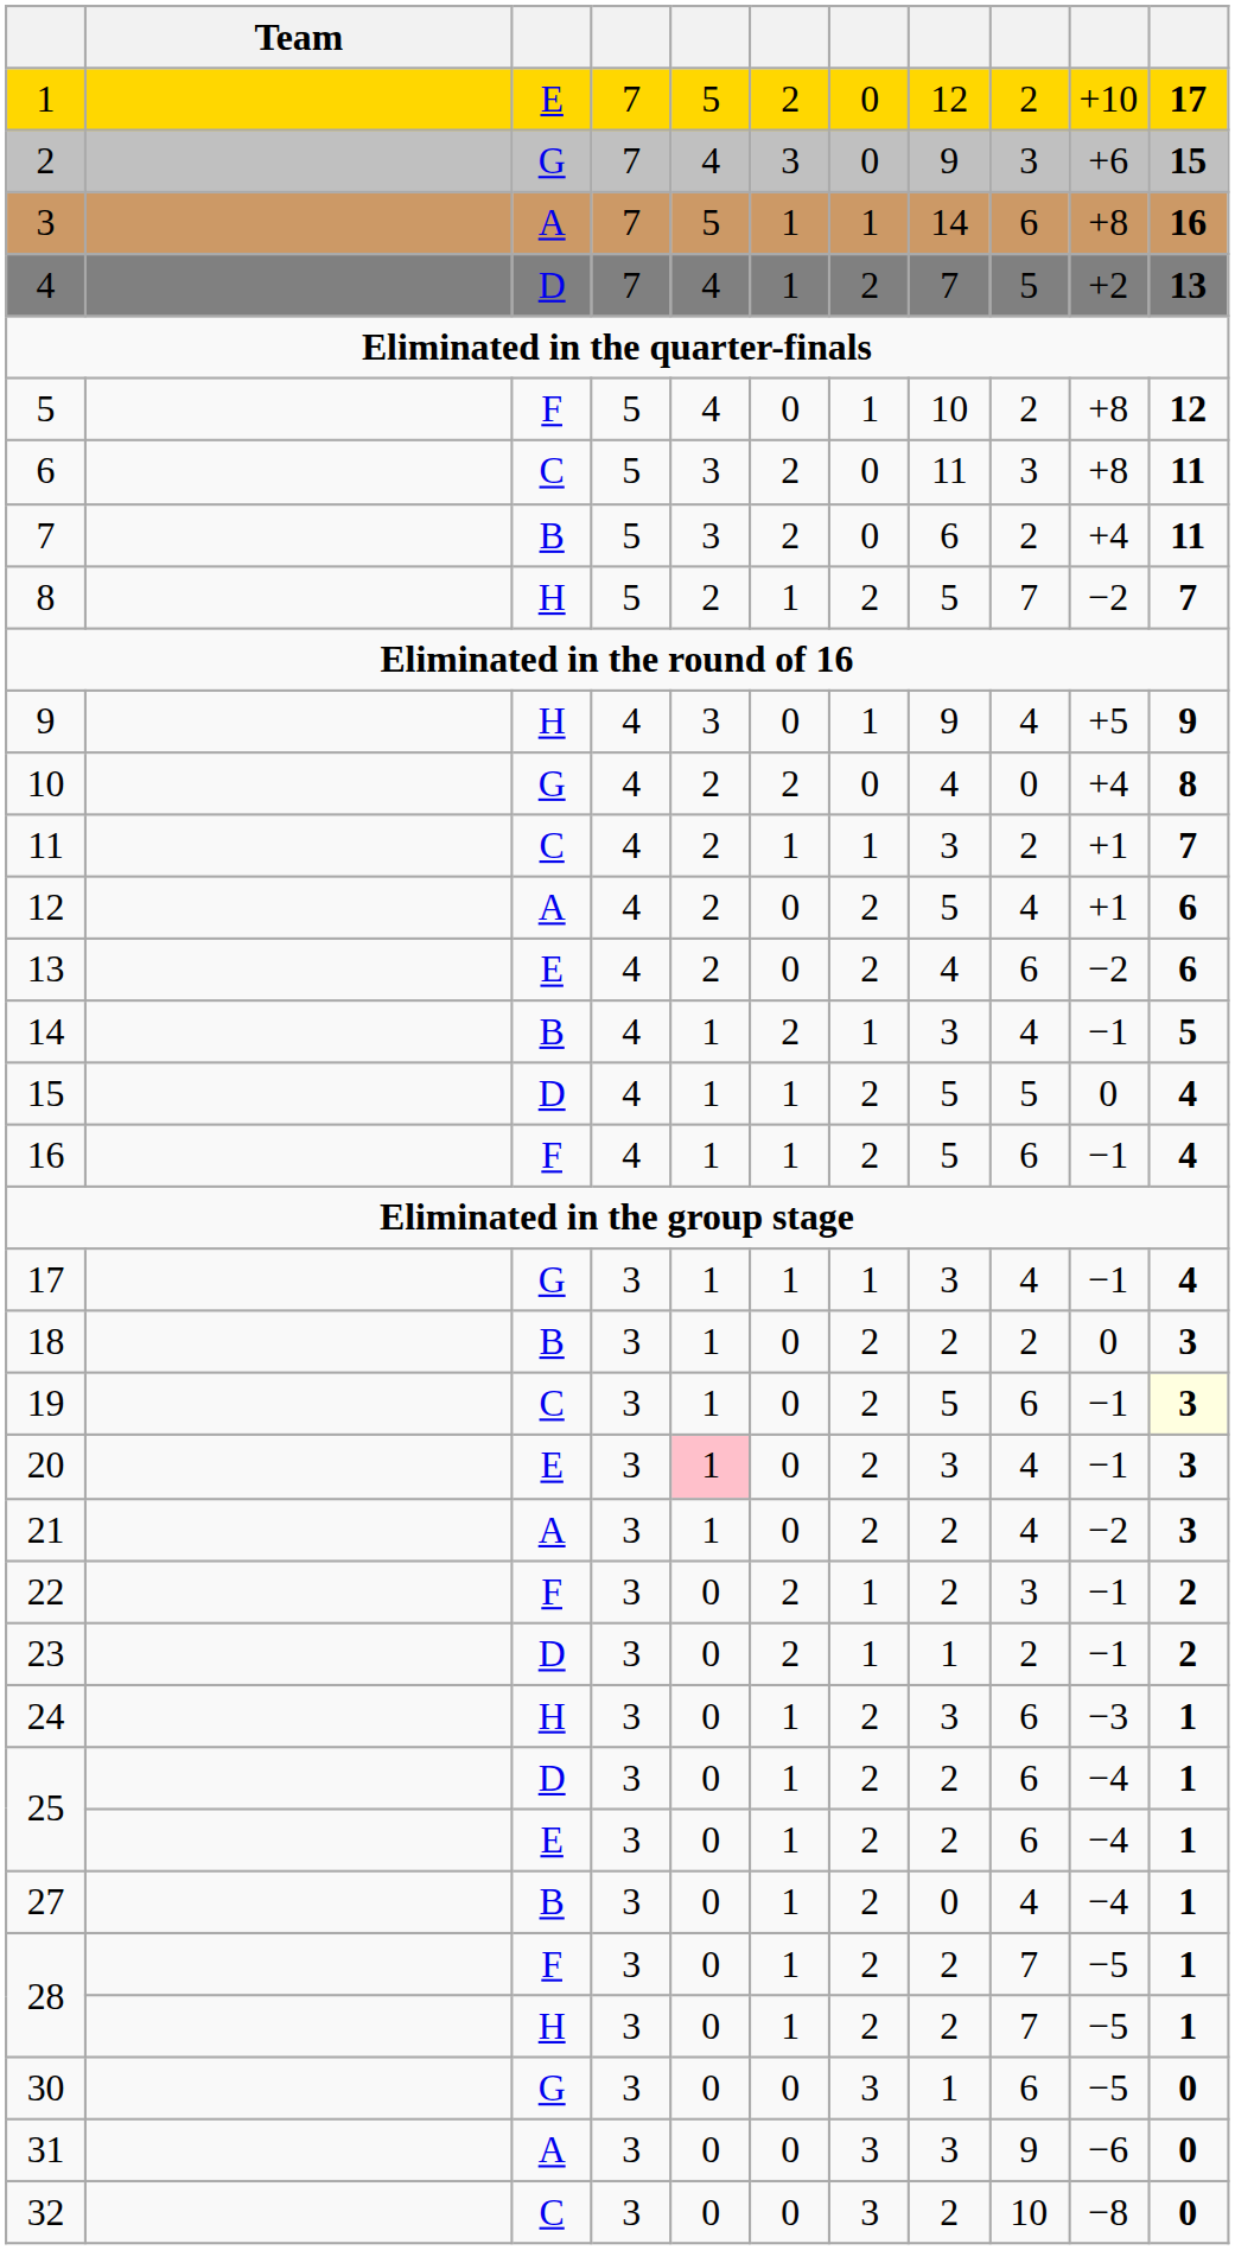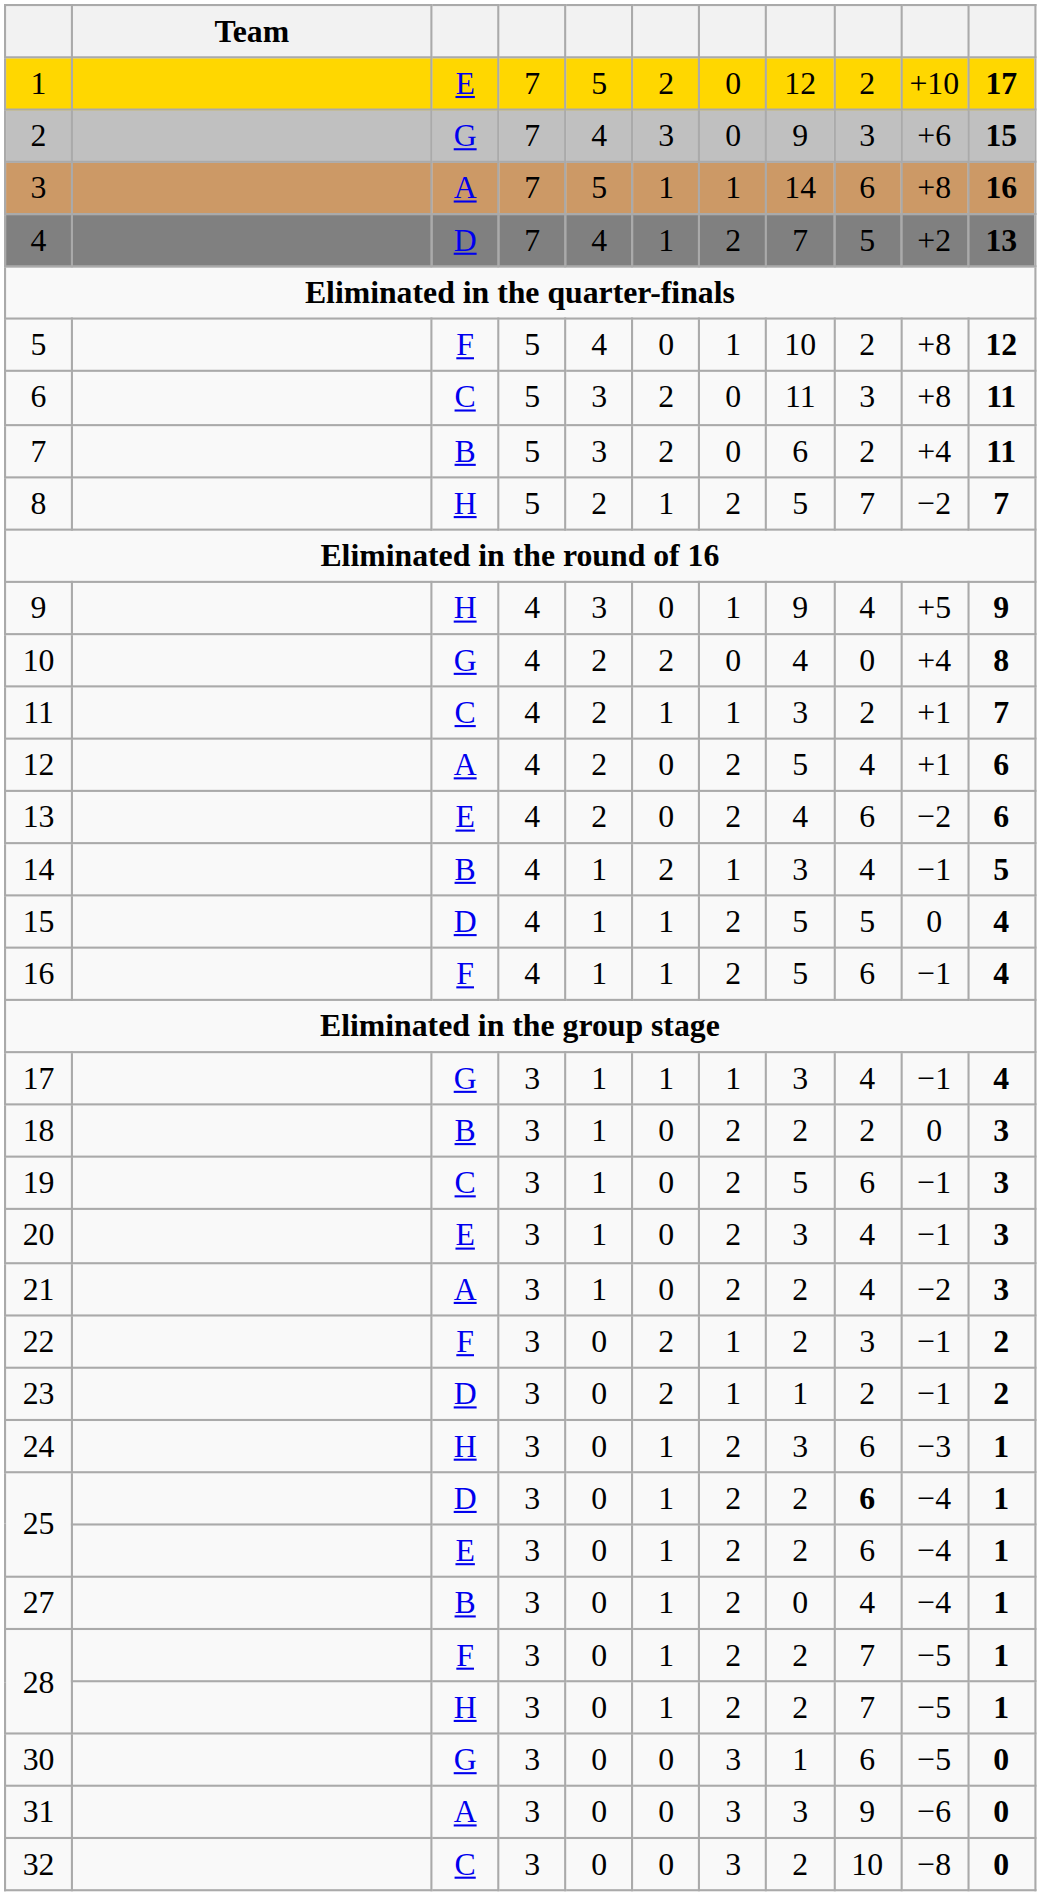 <table class="wikitable" style="font-size: 95%; text-align: center;">
 <tr>
 <th width=25></th>
 <th width=165>Team</th>
 <th width=25></th>
 <th width=25></th>
 <th width=25></th>
 <th width=25></th>
 <th width=25></th>
 <th width=25></th>
 <th width=25></th>
 <th width=25></th>
 <th width=25></th>
 </tr>
 <tr style="background:gold;">
 <td>1</td>
 <td style="text-align:left;"></td>
 <td><a href='#'>E</a></td>
 <td>7</td>
 <td>5</td>
 <td>2</td>
 <td>0</td>
 <td>12</td>
 <td>2</td>
 <td>+10</td>
 <td><strong>17</strong></td>
 </tr>
 <tr style="background:silver;">
 <td>2</td>
 <td style="text-align:left;"></td>
 <td><a href='#'>G</a></td>
 <td>7</td>
 <td>4</td>
 <td>3</td>
 <td>0</td>
 <td>9</td>
 <td>3</td>
 <td>+6</td>
 <td><strong>15</strong></td>
 </tr>
 <tr style="background:#c96;">
 <td>3</td>
 <td style="text-align:left;"></td>
 <td><a href='#'>A</a></td>
 <td>7</td>
 <td>5</td>
 <td>1</td>
 <td>1</td>
 <td>14</td>
 <td>6</td>
 <td>+8</td>
 <td><strong>16</strong></td>
 </tr>
 <tr style="background:gray;">
 <td>4</td>
 <td style="text-align:left;"></td>
 <td><a href='#'>D</a></td>
 <td>7</td>
 <td>4</td>
 <td>1</td>
 <td>2</td>
 <td>7</td>
 <td>5</td>
 <td>+2</td>
 <td><strong>13</strong></td>
 </tr>
 <tr>
 <td colspan="11"><strong>Eliminated in the quarter-finals</strong></td>
 </tr>
 <tr>
 <td>5</td>
 <td style="text-align:left;"></td>
 <td><a href='#'>F</a></td>
 <td>5</td>
 <td>4</td>
 <td>0</td>
 <td>1</td>
 <td>10</td>
 <td>2</td>
 <td>+8</td>
 <td><strong>12</strong></td>
 </tr>
 <tr>
 <td>6</td>
 <td style="text-align:left;"></td>
 <td><a href='#'>C</a></td>
 <td>5</td>
 <td>3</td>
 <td>2</td>
 <td>0</td>
 <td>11</td>
 <td>3</td>
 <td>+8</td>
 <td><strong>11</strong></td>
 </tr>
 <tr>
 <td>7</td>
 <td style="text-align:left;"></td>
 <td><a href='#'>B</a></td>
 <td>5</td>
 <td>3</td>
 <td>2</td>
 <td>0</td>
 <td>6</td>
 <td>2</td>
 <td>+4</td>
 <td><strong>11</strong></td>
 </tr>
 <tr>
 <td>8</td>
 <td style="text-align:left;"></td>
 <td><a href='#'>H</a></td>
 <td>5</td>
 <td>2</td>
 <td>1</td>
 <td>2</td>
 <td>5</td>
 <td>7</td>
 <td>−2</td>
 <td><strong>7</strong></td>
 </tr>
 <tr>
 <td colspan="11"><strong>Eliminated in the round of 16</strong></td>
 </tr>
 <tr>
 <td>9</td>
 <td style="text-align:left;"></td>
 <td><a href='#'>H</a></td>
 <td>4</td>
 <td>3</td>
 <td>0</td>
 <td>1</td>
 <td>9</td>
 <td>4</td>
 <td>+5</td>
 <td><strong>9</strong></td>
 </tr>
 <tr>
 <td>10</td>
 <td style="text-align:left;"></td>
 <td><a href='#'>G</a></td>
 <td>4</td>
 <td>2</td>
 <td>2</td>
 <td>0</td>
 <td>4</td>
 <td>0</td>
 <td>+4</td>
 <td><strong>8</strong></td>
 </tr>
 <tr>
 <td>11</td>
 <td style="text-align:left;"></td>
 <td><a href='#'>C</a></td>
 <td>4</td>
 <td>2</td>
 <td>1</td>
 <td>1</td>
 <td>3</td>
 <td>2</td>
 <td>+1</td>
 <td><strong>7</strong></td>
 </tr>
 <tr>
 <td>12</td>
 <td style="text-align:left;"></td>
 <td><a href='#'>A</a></td>
 <td>4</td>
 <td>2</td>
 <td>0</td>
 <td>2</td>
 <td>5</td>
 <td>4</td>
 <td>+1</td>
 <td><strong>6</strong></td>
 </tr>
 <tr>
 <td>13</td>
 <td style="text-align:left;"></td>
 <td><a href='#'>E</a></td>
 <td>4</td>
 <td>2</td>
 <td>0</td>
 <td>2</td>
 <td>4</td>
 <td>6</td>
 <td>−2</td>
 <td><strong>6</strong></td>
 </tr>
 <tr>
 <td>14</td>
 <td style="text-align:left;"></td>
 <td><a href='#'>B</a></td>
 <td>4</td>
 <td>1</td>
 <td>2</td>
 <td>1</td>
 <td>3</td>
 <td>4</td>
 <td>−1</td>
 <td><strong>5</strong></td>
 </tr>
 <tr>
 <td>15</td>
 <td style="text-align:left;"></td>
 <td><a href='#'>D</a></td>
 <td>4</td>
 <td>1</td>
 <td>1</td>
 <td>2</td>
 <td>5</td>
 <td>5</td>
 <td>0</td>
 <td><strong>4</strong></td>
 </tr>
 <tr>
 <td>16</td>
 <td style="text-align:left;"></td>
 <td><a href='#'>F</a></td>
 <td>4</td>
 <td>1</td>
 <td>1</td>
 <td>2</td>
 <td>5</td>
 <td>6</td>
 <td>−1</td>
 <td><strong>4</strong></td>
 </tr>
 <tr>
 <td colspan="11"><strong>Eliminated in the group stage</strong></td>
 </tr>
 <tr>
 <td>17</td>
 <td style="text-align:left;"></td>
 <td><a href='#'>G</a></td>
 <td>3</td>
 <td>1</td>
 <td>1</td>
 <td>1</td>
 <td>3</td>
 <td>4</td>
 <td>−1</td>
 <td><strong>4</strong></td>
 </tr>
 <tr>
 <td>18</td>
 <td style="text-align:left;"></td>
 <td><a href='#'>B</a></td>
 <td>3</td>
 <td>1</td>
 <td>0</td>
 <td>2</td>
 <td>2</td>
 <td>2</td>
 <td>0</td>
 <td><strong>3</strong></td>
 </tr>
 <tr>
 <td>19</td>
 <td style="text-align:left;"></td>
 <td><a href='#'>C</a></td>
 <td>3</td>
 <td>1</td>
 <td>0</td>
 <td>2</td>
 <td>5</td>
 <td>6</td>
 <td>−1</td>
-<td style="background: lightyellow;"><strong>3</strong></td>
+<td><strong>3</strong></td>
 </tr>
 <tr>
 <td>20</td>
 <td style="text-align:left;"></td>
 <td><a href='#'>E</a></td>
 <td>3</td>
-<td style="background: pink;">1</td>
+<td>1</td>
 <td>0</td>
 <td>2</td>
 <td>3</td>
 <td>4</td>
 <td>−1</td>
 <td><strong>3</strong></td>
 </tr>
 <tr>
 <td>21</td>
 <td style="text-align:left;"></td>
 <td><a href='#'>A</a></td>
 <td>3</td>
 <td>1</td>
 <td>0</td>
 <td>2</td>
 <td>2</td>
 <td>4</td>
 <td>−2</td>
 <td><strong>3</strong></td>
 </tr>
 <tr>
 <td>22</td>
 <td style="text-align:left;"></td>
 <td><a href='#'>F</a></td>
 <td>3</td>
 <td>0</td>
 <td>2</td>
 <td>1</td>
 <td>2</td>
 <td>3</td>
 <td>−1</td>
 <td><strong>2</strong></td>
 </tr>
 <tr>
 <td>23</td>
 <td style="text-align:left;"></td>
 <td><a href='#'>D</a></td>
 <td>3</td>
 <td>0</td>
 <td>2</td>
 <td>1</td>
 <td>1</td>
 <td>2</td>
 <td>−1</td>
 <td><strong>2</strong></td>
 </tr>
 <tr>
 <td>24</td>
 <td style="text-align:left;"></td>
 <td><a href='#'>H</a></td>
 <td>3</td>
 <td>0</td>
 <td>1</td>
 <td>2</td>
 <td>3</td>
 <td>6</td>
 <td>−3</td>
 <td><strong>1</strong></td>
 </tr>
 <tr>
 <td rowspan="2">25</td>
 <td style="text-align:left;"></td>
 <td><a href='#'>D</a></td>
 <td>3</td>
 <td>0</td>
 <td>1</td>
 <td>2</td>
 <td>2</td>
-<td>6</td>
+<td><strong>6</strong></td>
 <td>−4</td>
 <td><strong>1</strong></td>
 </tr>
 <tr>
 <td style="text-align:left;"></td>
 <td><a href='#'>E</a></td>
 <td>3</td>
 <td>0</td>
 <td>1</td>
 <td>2</td>
 <td>2</td>
 <td>6</td>
 <td>−4</td>
 <td><strong>1</strong></td>
 </tr>
 <tr>
 <td>27</td>
 <td style="text-align:left;"></td>
 <td><a href='#'>B</a></td>
 <td>3</td>
 <td>0</td>
 <td>1</td>
 <td>2</td>
 <td>0</td>
 <td>4</td>
 <td>−4</td>
 <td><strong>1</strong></td>
 </tr>
 <tr>
 <td rowspan="2">28</td>
 <td style="text-align:left;"></td>
 <td><a href='#'>F</a></td>
 <td>3</td>
 <td>0</td>
 <td>1</td>
 <td>2</td>
 <td>2</td>
 <td>7</td>
 <td>−5</td>
 <td><strong>1</strong></td>
 </tr>
 <tr>
 <td style="text-align:left;"></td>
 <td><a href='#'>H</a></td>
 <td>3</td>
 <td>0</td>
 <td>1</td>
 <td>2</td>
 <td>2</td>
 <td>7</td>
 <td>−5</td>
 <td><strong>1</strong></td>
 </tr>
 <tr>
 <td>30</td>
 <td style="text-align:left;"></td>
 <td><a href='#'>G</a></td>
 <td>3</td>
 <td>0</td>
 <td>0</td>
 <td>3</td>
 <td>1</td>
 <td>6</td>
 <td>−5</td>
 <td><strong>0</strong></td>
 </tr>
 <tr>
 <td>31</td>
 <td style="text-align:left;"></td>
 <td><a href='#'>A</a></td>
 <td>3</td>
 <td>0</td>
 <td>0</td>
 <td>3</td>
 <td>3</td>
 <td>9</td>
 <td>−6</td>
 <td><strong>0</strong></td>
 </tr>
 <tr>
 <td>32</td>
 <td style="text-align:left;"></td>
 <td><a href='#'>C</a></td>
 <td>3</td>
 <td>0</td>
 <td>0</td>
 <td>3</td>
 <td>2</td>
 <td>10</td>
 <td>−8</td>
 <td><strong>0</strong></td>
 </tr>
 </table>
